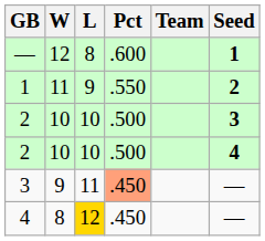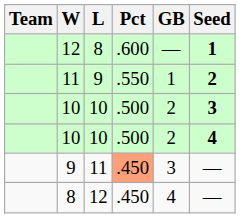 <table class=wikitable>
 <tr>
-<th>GB</th>
+<th>Team</th>
 <th>W</th>
 <th>L</th>
 <th>Pct</th>
-<th>Team</th>
+<th>GB</th>
 <th>Seed</th>
 </tr>
 <tr bgcolor=ccffcc align=center>
-<td>—</td>
+<td></td>
 <td>12</td>
 <td>8</td>
 <td>.600</td>
-<td></td>
+<td>—</td>
 <td><strong>1</strong></td>
 </tr>
 <tr bgcolor=ccffcc align=center>
-<td>1</td>
+<td></td>
 <td>11</td>
 <td>9</td>
 <td>.550</td>
-<td></td>
+<td>1</td>
 <td><strong>2</strong></td>
 </tr>
 <tr bgcolor=ccffcc align=center>
-<td>2</td>
+<td></td>
 <td>10</td>
 <td>10</td>
 <td>.500</td>
-<td></td>
+<td>2</td>
 <td><strong>3</strong></td>
 </tr>
 <tr bgcolor=ccffcc align=center>
-<td>2</td>
+<td></td>
 <td>10</td>
 <td>10</td>
 <td>.500</td>
-<td></td>
+<td>2</td>
 <td><strong>4</strong></td>
 </tr>
 <tr align=center>
-<td>3</td>
+<td></td>
 <td>9</td>
 <td>11</td>
 <td style="background: lightsalmon;">.450</td>
-<td></td>
+<td>3</td>
 <td>—</td>
 </tr>
 <tr align=center>
+<td></td>
+<td>8</td>
+<td>12</td>
+<td>.450</td>
 <td>4</td>
-<td>8</td>
-<td style="background: gold;">12</td>
-<td>.450</td>
-<td></td>
 <td>—</td>
 </tr>
 </table>
